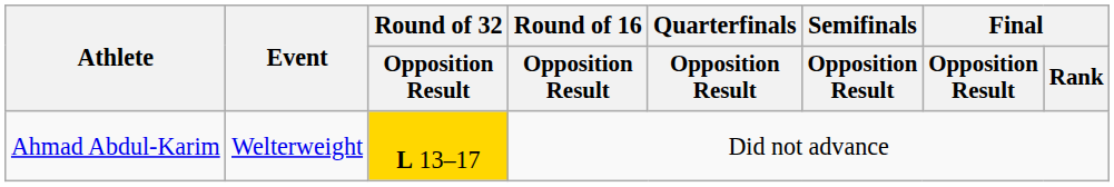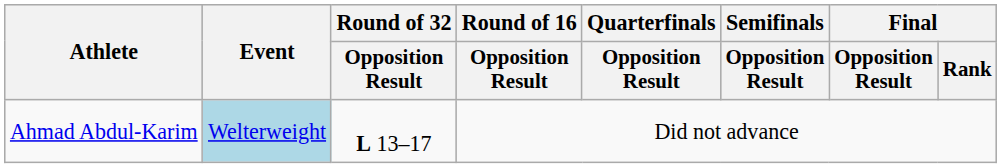 <table class="wikitable" border="1" style="font-size:90%">
 <tr>
 <th rowspan="2">Athlete</th>
 <th rowspan="2">Event</th>
 <th>Round of 32</th>
 <th>Round of 16</th>
 <th>Quarterfinals</th>
 <th>Semifinals</th>
 <th colspan=2>Final</th>
 </tr>
 <tr style="font-size:95%">
 <th>Opposition<br>Result</th>
 <th>Opposition<br>Result</th>
 <th>Opposition<br>Result</th>
 <th>Opposition<br>Result</th>
 <th>Opposition<br>Result</th>
 <th>Rank</th>
 </tr>
 <tr align=center>
 <td align=left><a href='#'>Ahmad Abdul-Karim</a></td>
-<td align=left><a href='#'>Welterweight</a></td>
-<td style="background: gold;"><br><strong>L</strong> 13–17</td>
+<td align=left style="background: lightblue;"><a href='#'>Welterweight</a></td>
+<td><br><strong>L</strong> 13–17</td>
 <td colspan="5">Did not advance</td>
 </tr>
 </table>
